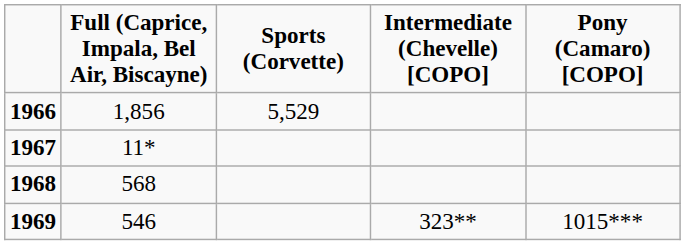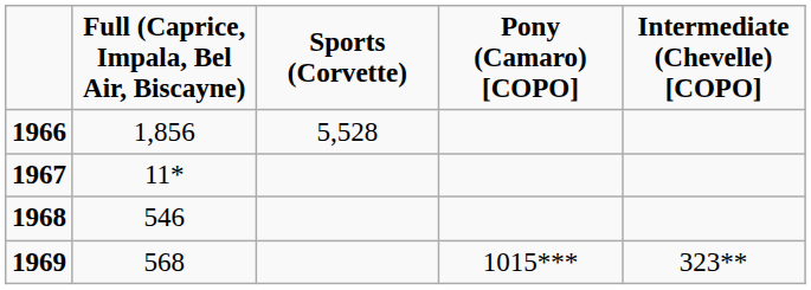 <table class="wikitable" style="text-align: center">
 <tr>
 <td></td>
 <td scope="col" style="width: 100px;"><strong>Full (Caprice, Impala, Bel Air, Biscayne)</strong></td>
 <td scope="col" style="width: 100px;"><strong>Sports (Corvette)</strong></td>
+<td scope="col" style="width: 100px;"><strong>Pony (Camaro) [COPO]</strong></td>
 <td scope="col" style="width: 100px;"><strong>Intermediate (Chevelle) [COPO]</strong></td>
-<td scope="col" style="width: 100px;"><strong>Pony (Camaro) [COPO]</strong></td>
 </tr>
 <tr>
 <td><strong>1966</strong></td>
 <td>1,856</td>
-<td>5,529</td>
+<td>5,528</td>
 <td></td>
 <td></td>
 </tr>
 <tr>
 <td><strong>1967</strong></td>
 <td>11*</td>
 <td></td>
 <td></td>
 <td></td>
 </tr>
 <tr>
 <td><strong>1968</strong></td>
-<td>568</td>
+<td>546</td>
 <td></td>
 <td></td>
 <td></td>
 </tr>
 <tr>
 <td><strong>1969</strong></td>
-<td>546</td>
+<td>568</td>
 <td></td>
+<td>1015***</td>
 <td>323**</td>
-<td>1015***</td>
 </tr>
 </table>
